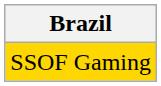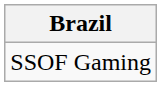 <table class="wikitable" style="display: inline-table; margin-left: 20px;">
 <tr>
 <th>Brazil</th>
 </tr>
 <tr>
-<td style="background: gold;">SSOF Gaming</td>
+<td>SSOF Gaming</td>
 </tr>
 </table>
